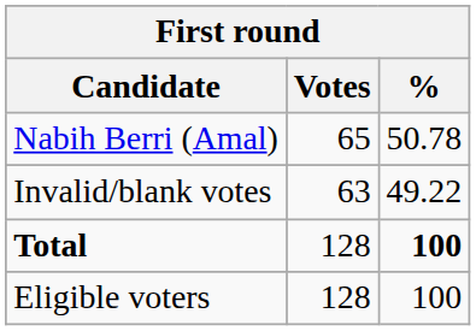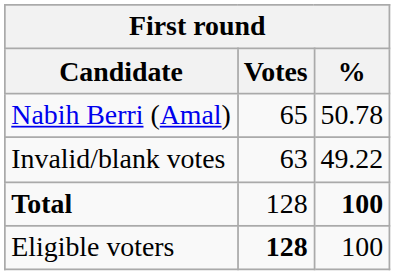 <table class="wikitable" style="text-align:right">
 <tr>
 <th colspan="3">First round</th>
 </tr>
 <tr>
 <th>Candidate</th>
 <th>Votes</th>
 <th>%</th>
 </tr>
 <tr>
 <td align="left"><a href='#'>Nabih Berri</a> (<a href='#'>Amal</a>)</td>
 <td>65</td>
 <td>50.78</td>
 </tr>
 <tr>
 <td style="text-align:left;">Invalid/blank votes</td>
 <td>63</td>
 <td>49.22</td>
 </tr>
 <tr>
 <td style="text-align:left;"><strong>Total</strong></td>
 <td>128</td>
 <td><strong>100</strong></td>
 </tr>
 <tr>
 <td style="text-align:left;">Eligible voters</td>
-<td>128</td>
+<td><strong>128</strong></td>
 <td>100</td>
 </tr>
 </table>
